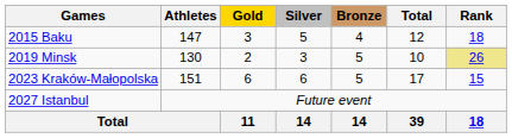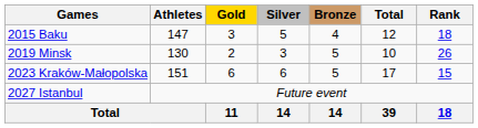 <table class="wikitable" style="text-align:center; font-size:90%;">
 <tr>
 <th>Games</th>
 <th>Athletes</th>
 <td style="background:gold; width:3.7em; font-weight:bold;">Gold</td>
 <td style="background:silver; width:3.7em; font-weight:bold;">Silver</td>
 <td style="background:#cc9966; width:3.7em; font-weight:bold;">Bronze</td>
 <th style="width:4em; font-weight:bold;">Total</th>
 <th style="width:4em; font-weight:bold;">Rank</th>
 </tr>
 <tr>
 <td align=left> <a href='#'>2015 Baku</a></td>
 <td>147</td>
 <td>3</td>
 <td>5</td>
 <td>4</td>
 <td>12</td>
 <td><a href='#'>18</a></td>
 </tr>
 <tr>
 <td align=left> <a href='#'>2019 Minsk</a></td>
 <td>130</td>
 <td>2</td>
 <td>3</td>
 <td>5</td>
 <td>10</td>
-<td style="background: khaki;"><a href='#'>26</a></td>
+<td><a href='#'>26</a></td>
 </tr>
 <tr>
 <td align=left> <a href='#'>2023 Kraków-Małopolska</a></td>
 <td>151</td>
 <td>6</td>
 <td>6</td>
 <td>5</td>
 <td>17</td>
 <td><a href='#'>15</a></td>
 </tr>
 <tr>
 <td align=left> <a href='#'>2027 Istanbul</a></td>
 <td colspan=6><em>Future event</em></td>
 </tr>
 <tr>
 <th colspan=2>Total</th>
 <th>11</th>
 <th>14</th>
 <th>14</th>
 <th>39</th>
 <th><a href='#'>18</a></th>
 </tr>
 </table>
